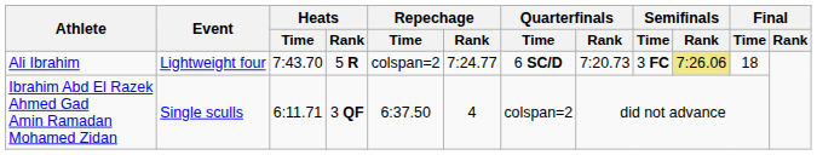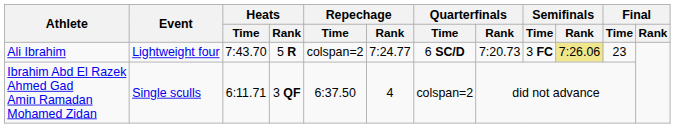 <table class="wikitable" style="font-size:90%">
 <tr>
 <th rowspan="2">Athlete</th>
 <th rowspan="2">Event</th>
 <th colspan="2">Heats</th>
 <th colspan="2">Repechage</th>
 <th colspan="2">Quarterfinals</th>
 <th colspan="2">Semifinals</th>
 <th colspan="2">Final</th>
 </tr>
 <tr style="font-size:95%">
 <th>Time</th>
 <th>Rank</th>
 <th>Time</th>
 <th>Rank</th>
 <th>Time</th>
 <th>Rank</th>
 <th>Time</th>
 <th>Rank</th>
 <th>Time</th>
 <th>Rank</th>
 </tr>
 <tr align=center>
 <td align=left><a href='#'>Ali Ibrahim</a></td>
 <td align=left><a href='#'>Lightweight four</a></td>
 <td>7:43.70</td>
 <td>5 <strong>R</strong></td>
 <td>colspan=2 </td>
 <td>7:24.77</td>
 <td>6 <strong>SC/D</strong></td>
 <td>7:20.73</td>
 <td>3 <strong>FC</strong></td>
 <td style="background: khaki;">7:26.06</td>
-<td>18</td>
+<td>23</td>
 </tr>
 <tr align=center>
 <td align=left><a href='#'>Ibrahim Abd El Razek</a><br><a href='#'>Ahmed Gad</a><br><a href='#'>Amin Ramadan</a><br><a href='#'>Mohamed Zidan</a></td>
 <td align=left><a href='#'>Single sculls</a></td>
 <td>6:11.71</td>
 <td>3 <strong>QF</strong></td>
 <td>6:37.50</td>
 <td>4</td>
 <td>colspan=2 </td>
 <td colspan=4>did not advance</td>
 </tr>
 </table>
